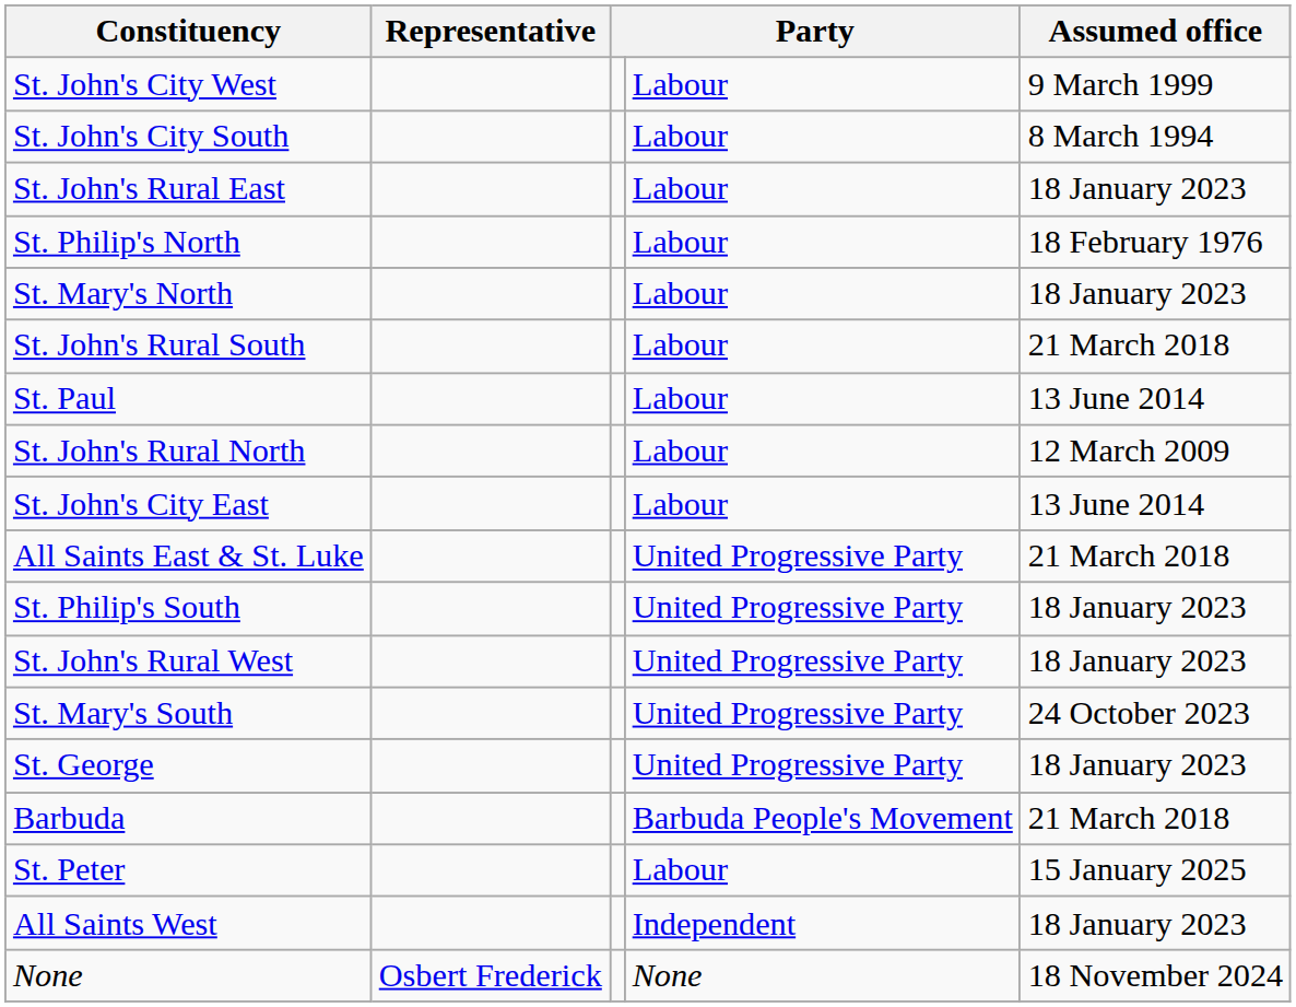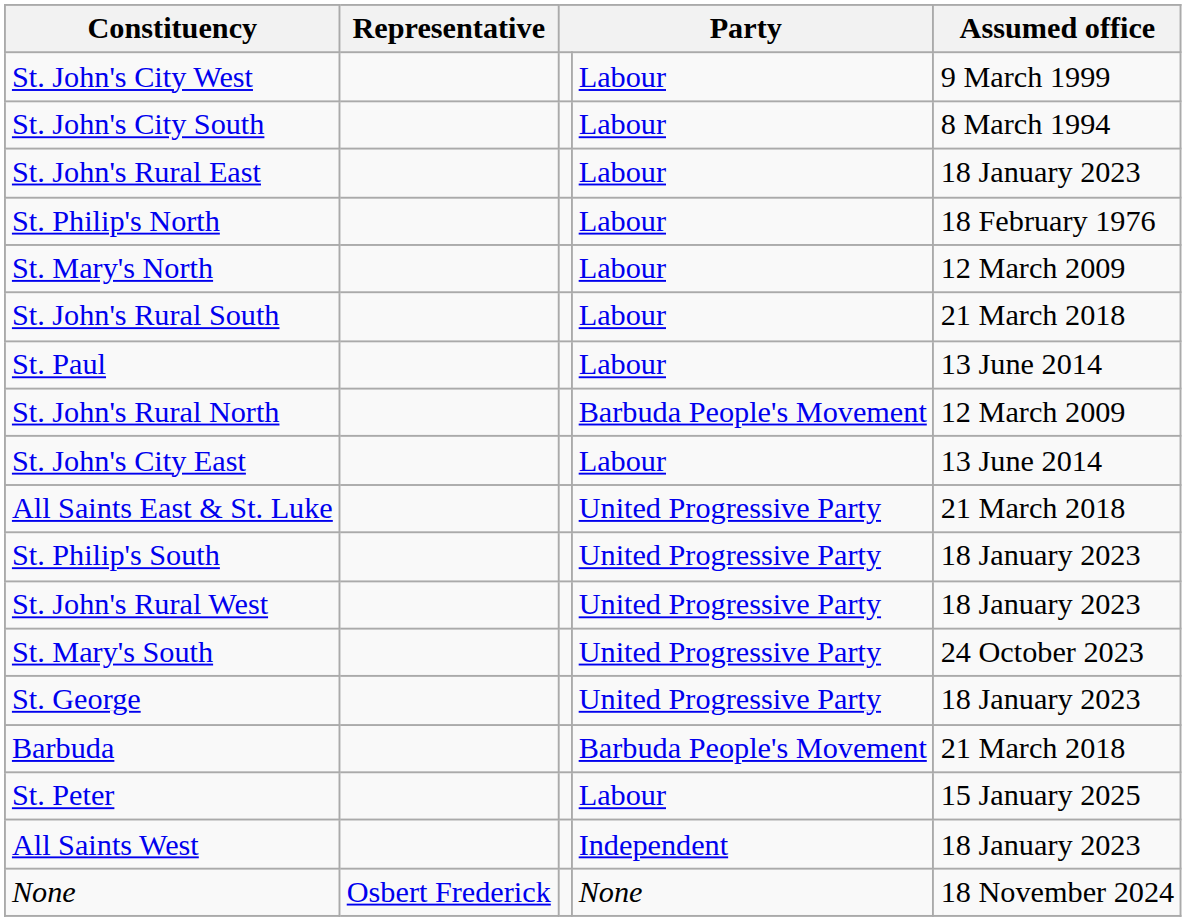 <table class="wikitable">
 <tr>
 <th>Constituency</th>
 <th>Representative</th>
 <th colspan="2">Party</th>
 <th>Assumed office</th>
 </tr>
 <tr>
 <td><a href='#'>St. John's City West</a></td>
 <td></td>
 <td style="background-color:"></td>
 <td><a href='#'>Labour</a></td>
 <td>9 March 1999</td>
 </tr>
 <tr>
 <td><a href='#'>St. John's City South</a></td>
 <td></td>
 <td style="background-color:"></td>
 <td><a href='#'>Labour</a></td>
 <td>8 March 1994</td>
 </tr>
 <tr>
 <td><a href='#'>St. John's Rural East</a></td>
 <td></td>
 <td style="background-color:"></td>
 <td><a href='#'>Labour</a></td>
 <td>18 January 2023</td>
 </tr>
 <tr>
 <td><a href='#'>St. Philip's North</a></td>
 <td></td>
 <td style="background-color:"></td>
 <td><a href='#'>Labour</a></td>
 <td>18 February 1976</td>
 </tr>
 <tr>
 <td><a href='#'>St. Mary's North</a></td>
 <td></td>
 <td style="background-color:"></td>
 <td><a href='#'>Labour</a></td>
-<td>18 January 2023</td>
+<td>12 March 2009</td>
 </tr>
 <tr>
 <td><a href='#'>St. John's Rural South</a></td>
 <td></td>
 <td style="background-color:"></td>
 <td><a href='#'>Labour</a></td>
 <td>21 March 2018</td>
 </tr>
 <tr>
 <td><a href='#'>St. Paul</a></td>
 <td></td>
 <td style="background-color:"></td>
 <td><a href='#'>Labour</a></td>
 <td>13 June 2014</td>
 </tr>
 <tr>
 <td><a href='#'>St. John's Rural North</a></td>
 <td></td>
 <td style="background-color:"></td>
-<td><a href='#'>Labour</a></td>
+<td><a href='#'>Barbuda People's Movement</a></td>
 <td>12 March 2009</td>
 </tr>
 <tr>
 <td><a href='#'>St. John's City East</a></td>
 <td></td>
 <td style="background-color:"></td>
 <td><a href='#'>Labour</a></td>
 <td>13 June 2014</td>
 </tr>
 <tr>
 <td><a href='#'>All Saints East & St. Luke</a></td>
 <td></td>
 <td style="background-color:"></td>
 <td><a href='#'>United Progressive Party</a></td>
 <td>21 March 2018</td>
 </tr>
 <tr>
 <td><a href='#'>St. Philip's South</a></td>
 <td></td>
 <td style="background-color:"></td>
 <td><a href='#'>United Progressive Party</a></td>
 <td>18 January 2023</td>
 </tr>
 <tr>
 <td><a href='#'>St. John's Rural West</a></td>
 <td></td>
 <td style="background-color:"></td>
 <td><a href='#'>United Progressive Party</a></td>
 <td>18 January 2023</td>
 </tr>
 <tr>
 <td><a href='#'>St. Mary's South</a></td>
 <td></td>
 <td style="background-color:"></td>
 <td><a href='#'>United Progressive Party</a></td>
 <td>24 October 2023</td>
 </tr>
 <tr>
 <td><a href='#'>St. George</a></td>
 <td></td>
 <td style="background-color:"></td>
 <td><a href='#'>United Progressive Party</a></td>
 <td>18 January 2023</td>
 </tr>
 <tr>
 <td><a href='#'>Barbuda</a></td>
 <td></td>
 <td style="background-color:"></td>
 <td><a href='#'>Barbuda People's Movement</a></td>
 <td>21 March 2018</td>
 </tr>
 <tr>
 <td><a href='#'>St. Peter</a></td>
 <td></td>
 <td style="background-color:"></td>
 <td><a href='#'>Labour</a></td>
 <td>15 January 2025</td>
 </tr>
 <tr>
 <td><a href='#'>All Saints West</a></td>
 <td></td>
 <td style="background-color:"></td>
 <td><a href='#'>Independent</a></td>
 <td>18 January 2023</td>
 </tr>
 <tr>
 <td><em>None</em></td>
 <td><a href='#'>Osbert Frederick</a></td>
 <td style="background-color:"></td>
 <td><em>None</em></td>
 <td>18 November 2024</td>
 </tr>
 </table>
